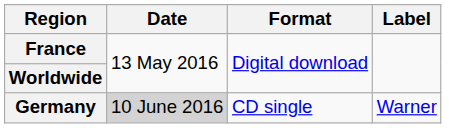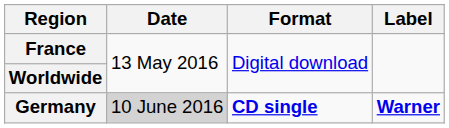 <table class="wikitable plainrowheaders">
 <tr>
 <th scope="col">Region</th>
 <th scope="col">Date</th>
 <th scope="col">Format</th>
 <th scope="col">Label</th>
 </tr>
 <tr>
 <th scope="row">France</th>
 <td rowspan="2">13 May 2016</td>
 <td rowspan="2"><a href='#'>Digital download</a></td>
 <td rowspan="2"></td>
 </tr>
 <tr>
 <th scope="row">Worldwide</th>
 </tr>
 <tr>
 <th scope="row">Germany</th>
 <td style="background: lightgrey;">10 June 2016</td>
-<td><a href='#'>CD single</a></td>
-<td><a href='#'>Warner</a></td>
+<td><strong><a href='#'>CD single</a></strong></td>
+<td><strong><a href='#'>Warner</a></strong></td>
 </tr>
 </table>
